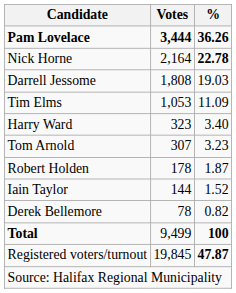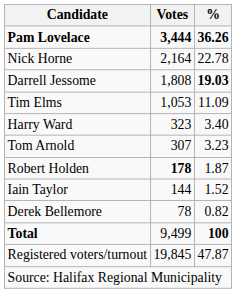 <table class=wikitable style=text-align:right>
 <tr>
 <th>Candidate</th>
 <th>Votes</th>
 <th>%</th>
 </tr>
 <tr>
 <td align=left><strong>Pam Lovelace</strong></td>
 <td><strong>3,444</strong></td>
 <td><strong>36.26</strong></td>
 </tr>
 <tr>
 <td align=left>Nick Horne</td>
 <td>2,164</td>
-<td><strong>22.78</strong></td>
+<td>22.78</td>
 </tr>
 <tr>
 <td align=left>Darrell Jessome</td>
 <td>1,808</td>
-<td>19.03</td>
+<td><strong>19.03</strong></td>
 </tr>
 <tr>
 <td align=left>Tim Elms</td>
 <td>1,053</td>
 <td>11.09</td>
 </tr>
 <tr>
 <td align=left>Harry Ward</td>
 <td>323</td>
 <td>3.40</td>
 </tr>
 <tr>
 <td align=left>Tom Arnold</td>
 <td>307</td>
 <td>3.23</td>
 </tr>
 <tr>
 <td align=left>Robert Holden</td>
-<td>178</td>
+<td><strong>178</strong></td>
 <td>1.87</td>
 </tr>
 <tr>
 <td align=left>Iain Taylor</td>
 <td>144</td>
 <td>1.52</td>
 </tr>
 <tr>
 <td align=left>Derek Bellemore</td>
 <td>78</td>
 <td>0.82</td>
 </tr>
 <tr>
 <td align=left><strong>Total</strong></td>
 <td>9,499</td>
 <td><strong>100</strong></td>
 </tr>
 <tr>
 <td align=left>Registered voters/turnout</td>
 <td>19,845</td>
-<td><strong>47.87</strong></td>
+<td>47.87</td>
 </tr>
 <tr>
 <td align=left colspan=3>Source: Halifax Regional Municipality</td>
 </tr>
 </table>
